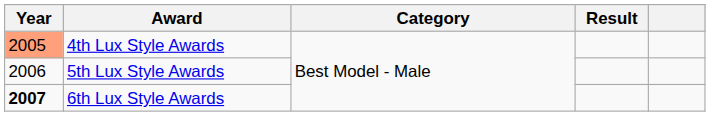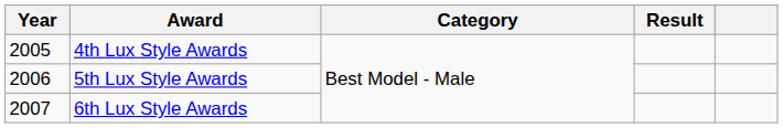 <table class="wikitable" width="50%" style="font-size: 95%;">
 <tr style="background:#ccc; text-align:center;">
 <th scope="col" width="3%">Year</th>
 <th scope="col" width="20%">Award</th>
 <th scope="col" width="25%">Category</th>
 <th scope="col" width="3%">Result</th>
 <th scope="col" width="5%"></th>
 </tr>
 <tr>
-<td style="background: lightsalmon;">2005</td>
+<td>2005</td>
 <td><a href='#'>4th Lux Style Awards</a></td>
 <td rowspan="4">Best Model - Male</td>
 <td></td>
 <td></td>
 </tr>
 <tr>
 <td>2006</td>
 <td><a href='#'>5th Lux Style Awards</a></td>
 <td></td>
 <td></td>
 </tr>
 <tr>
-<td><strong>2007</strong></td>
+<td>2007</td>
 <td><a href='#'>6th Lux Style Awards</a></td>
 <td></td>
 <td></td>
 </tr>
 </table>
